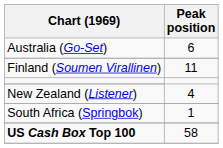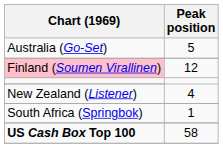 <table class="wikitable sortable">
 <tr>
 <th>Chart (1969)</th>
 <th>Peak<br>position</th>
 </tr>
 <tr>
 <td>Australia (<em><a href='#'>Go-Set</a></em>)</td>
-<td style="text-align:center;">6</td>
+<td style="text-align:center;">5</td>
 </tr>
 <tr>
 </tr>
 <tr>
 </tr>
 <tr>
 </tr>
 <tr>
 </tr>
 <tr>
-<td>Finland (<a href='#'><em>Soumen Virallinen</em></a>)</td>
-<td style="text-align:center;">11</td>
+<td style="background: pink;">Finland (<a href='#'><em>Soumen Virallinen</em></a>)</td>
+<td style="text-align:center;">12</td>
 </tr>
 <tr>
 <td></td>
 </tr>
 <tr>
 </tr>
 <tr>
 <td>New Zealand (<em><a href='#'>Listener</a></em>)</td>
 <td style="text-align:center;">4</td>
 </tr>
 <tr>
 </tr>
 <tr>
 <td>South Africa (<a href='#'>Springbok</a>)</td>
 <td align="center">1</td>
 </tr>
 <tr>
 </tr>
 <tr>
 </tr>
 <tr>
 </tr>
 <tr>
 <td><strong>US <em>Cash Box</em> Top 100</strong></td>
 <td align="center">58</td>
 </tr>
 <tr>
 </tr>
 </table>
